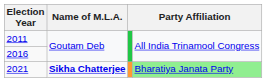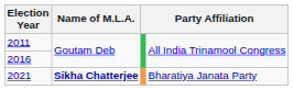 <table class="wikitable sortable">
 <tr style="font-weight:bold; text-align:center; background-color:#EAECF0;">
 <th style="vertical-align:middle; color:#202122;">Election<br>Year</th>
 <th style="vertical-align:middle; color:#202122;">Name of M.L.A.</th>
 <th style="vertical-align:middle; color:#202122;" Colspan=2>Party Affiliation</th>
 </tr>
 <tr style="background-color:#F8F9FA;">
 <td style="color:#0645AD;"><a href='#'>2011</a></td>
 <td rowspan="2"><a href='#'>Goutam Deb</a></td>
 <td rowspan="2" style="background-color:#20c746;"></td>
 <td rowspan="2"><a href='#'>All India Trinamool Congress</a></td>
 </tr>
 <tr>
 <td><a href='#'>2016</a></td>
 </tr>
 <tr>
 <td><a href='#'>2021</a></td>
 <td><strong><a href='#'>Sikha Chatterjee</a></strong></td>
 <td style="background-color:#ff9934;"></td>
-<td style="background: lightgreen;"><a href='#'>Bharatiya Janata Party</a></td>
+<td><a href='#'>Bharatiya Janata Party</a></td>
 </tr>
 </table>
